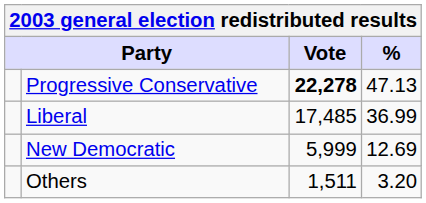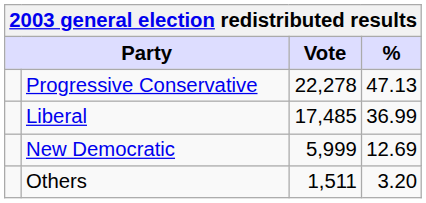 <table class="wikitable">
 <tr>
 <th colspan="4"><a href='#'>2003 general election</a> redistributed results</th>
 </tr>
 <tr>
 <th style="background:#ddf; width:130px;" colspan="2">Party</th>
 <th style="background:#ddf; width:50px;">Vote</th>
 <th style="background:#ddf; width:30px;">%</th>
 </tr>
 <tr>
 <td> </td>
 <td><a href='#'>Progressive Conservative</a></td>
-<td align=right><strong>22,278</strong></td>
+<td align=right>22,278</td>
 <td align=right>47.13</td>
 </tr>
 <tr>
 <td> </td>
 <td><a href='#'>Liberal</a></td>
 <td align=right>17,485</td>
 <td align=right>36.99</td>
 </tr>
 <tr>
 <td> </td>
 <td><a href='#'>New Democratic</a></td>
 <td align=right>5,999</td>
 <td align=right>12.69</td>
 </tr>
 <tr>
 <td> </td>
 <td>Others</td>
 <td align=right>1,511</td>
 <td align=right>3.20</td>
 </tr>
 </table>
